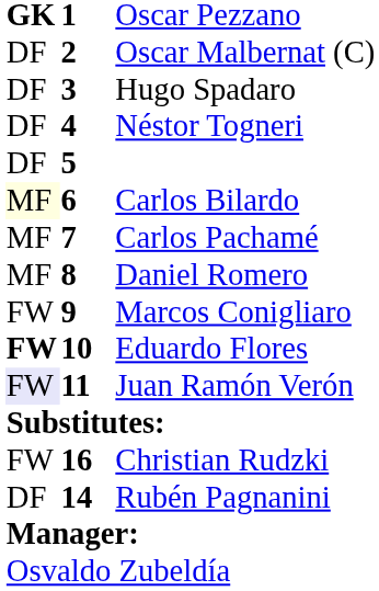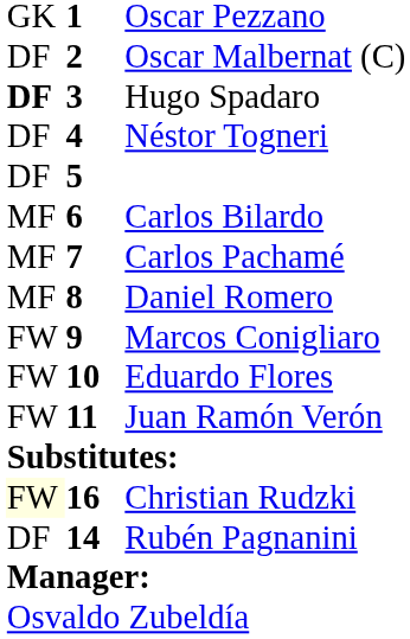 <table style="font-size:90%" cellspacing="0" cellpadding="0" align=center>
 <tr>
 <td colspan="4"></td>
 </tr>
 <tr>
 <th width=25></th>
 <th width=25></th>
 </tr>
 <tr>
-<td><strong>GK</strong></td>
+<td>GK</td>
 <td><strong>1</strong></td>
 <td> <a href='#'>Oscar Pezzano</a></td>
 </tr>
 <tr>
 <td>DF</td>
 <td><strong>2</strong></td>
 <td> <a href='#'>Oscar Malbernat</a> (C)</td>
 </tr>
 <tr>
-<td>DF</td>
+<td><strong>DF</strong></td>
 <td><strong>3</strong></td>
 <td> Hugo Spadaro</td>
 </tr>
 <tr>
 <td>DF</td>
 <td><strong>4</strong></td>
 <td> <a href='#'>Néstor Togneri</a></td>
 </tr>
 <tr>
 <td>DF</td>
 <td><strong>5</strong></td>
 <td> </td>
 </tr>
 <tr>
-<td style="background: lightyellow;">MF</td>
+<td>MF</td>
 <td><strong>6</strong></td>
 <td> <a href='#'>Carlos Bilardo</a></td>
 </tr>
 <tr>
 <td>MF</td>
 <td><strong>7</strong></td>
 <td> <a href='#'>Carlos Pachamé</a></td>
 </tr>
 <tr>
 <td>MF</td>
 <td><strong>8</strong></td>
 <td> <a href='#'>Daniel Romero</a></td>
 <td></td>
 <td></td>
 </tr>
 <tr>
 <td>FW</td>
 <td><strong>9</strong></td>
 <td> <a href='#'>Marcos Conigliaro</a></td>
 <td></td>
 <td></td>
 </tr>
 <tr>
-<td><strong>FW</strong></td>
+<td>FW</td>
 <td><strong>10</strong></td>
 <td> <a href='#'>Eduardo Flores</a></td>
 </tr>
 <tr>
-<td style="background: lavender;">FW</td>
+<td>FW</td>
 <td><strong>11</strong></td>
 <td> <a href='#'>Juan Ramón Verón</a></td>
 </tr>
 <tr>
 <td colspan=3><strong>Substitutes:</strong></td>
 </tr>
 <tr>
-<td>FW</td>
+<td style="background: lightyellow;">FW</td>
 <td><strong>16</strong></td>
 <td> <a href='#'>Christian Rudzki</a></td>
 <td></td>
 <td></td>
 </tr>
 <tr>
 <td>DF</td>
 <td><strong>14</strong></td>
 <td> <a href='#'>Rubén Pagnanini</a></td>
 <td></td>
 <td></td>
 </tr>
 <tr>
 <td colspan=3><strong>Manager:</strong></td>
 </tr>
 <tr>
 <td colspan=4> <a href='#'>Osvaldo Zubeldía</a></td>
 </tr>
 </table>
